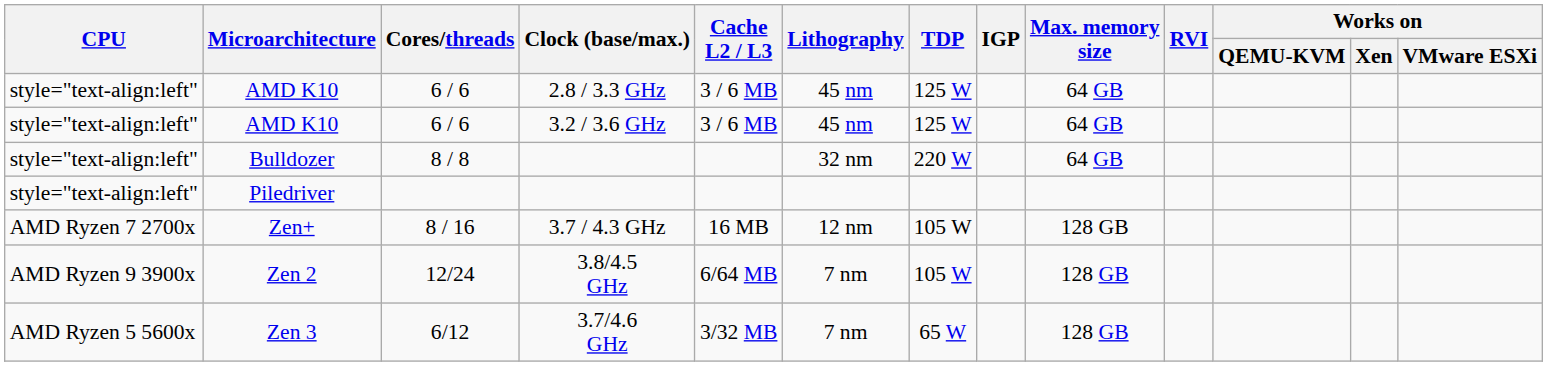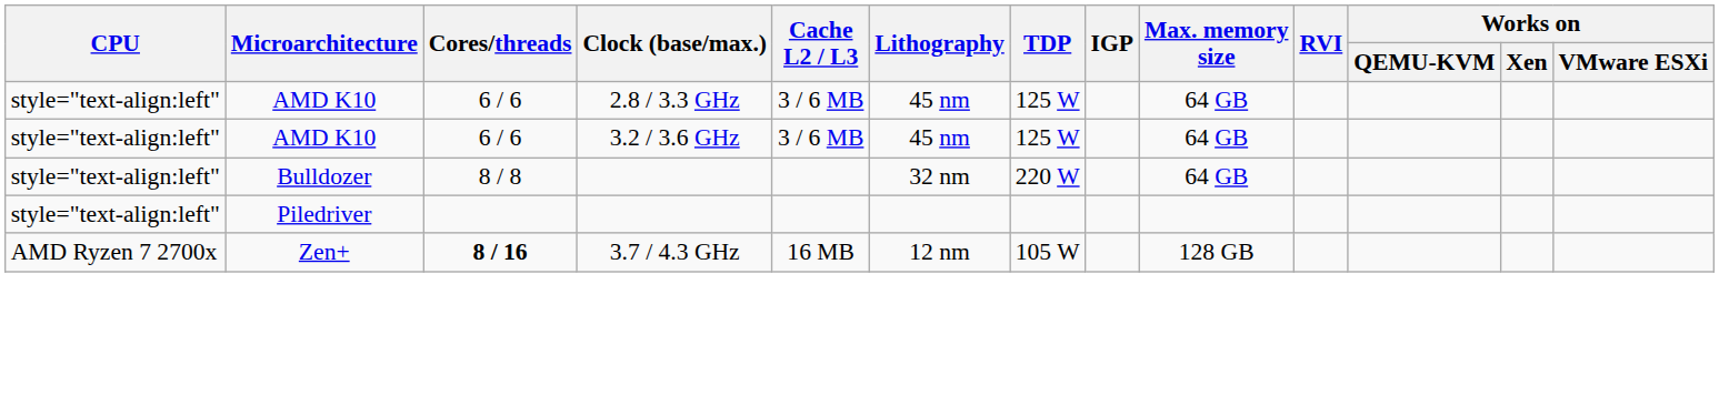 <table class="wikitable" style="text-align: center">
 <tr>
 <th rowspan=2><a href='#'>CPU</a></th>
 <th rowspan=2><a href='#'>Microarchitecture</a></th>
 <th rowspan=2>Cores/<a href='#'>threads</a></th>
 <th rowspan=2>Clock (base/max.)</th>
 <th rowspan=2><a href='#'>Cache<br>L2 / L3</a></th>
 <th rowspan=2><a href='#'>Lithography</a></th>
 <th rowspan=2><a href='#'>TDP</a></th>
 <th rowspan=2>IGP</th>
 <th rowspan=2><a href='#'>Max. memory<br>size</a></th>
 <th rowspan=2><a href='#'>RVI</a></th>
 <th colspan=3 style="text-align:center">Works on</th>
 </tr>
 <tr>
 <th>QEMU-KVM</th>
 <th>Xen</th>
 <th>VMware ESXi</th>
 </tr>
 <tr>
 <td>style="text-align:left" </td>
 <td><a href='#'>AMD K10</a></td>
 <td>6 / 6</td>
 <td>2.8 / 3.3 <a href='#'>GHz</a></td>
 <td>3 / 6 <a href='#'>MB</a></td>
 <td>45 <a href='#'>nm</a></td>
 <td>125 <a href='#'>W</a></td>
 <td></td>
 <td>64 <a href='#'>GB</a></td>
 <td></td>
 <td></td>
 <td></td>
 <td></td>
 </tr>
 <tr>
 <td>style="text-align:left" </td>
 <td><a href='#'>AMD K10</a></td>
 <td>6 / 6</td>
 <td>3.2 / 3.6 <a href='#'>GHz</a></td>
 <td>3 / 6 <a href='#'>MB</a></td>
 <td>45 <a href='#'>nm</a></td>
 <td>125 <a href='#'>W</a></td>
 <td></td>
 <td>64 <a href='#'>GB</a></td>
 <td></td>
 <td></td>
 <td></td>
 <td></td>
 </tr>
 <tr>
 <td>style="text-align:left" </td>
 <td><a href='#'>Bulldozer</a></td>
 <td>8 / 8</td>
 <td></td>
 <td></td>
 <td>32 nm</td>
 <td>220 <a href='#'>W</a></td>
 <td></td>
 <td>64 <a href='#'>GB</a></td>
 <td></td>
 <td></td>
 <td></td>
 <td></td>
 </tr>
 <tr>
 <td>style="text-align:left" </td>
 <td><a href='#'>Piledriver</a></td>
 <td></td>
 <td></td>
 <td></td>
 <td></td>
 <td></td>
 <td></td>
 <td></td>
 <td></td>
 <td></td>
 <td></td>
 <td></td>
 </tr>
 <tr>
 <td style="text-align:left">AMD Ryzen 7 2700x</td>
 <td><a href='#'>Zen+</a></td>
-<td>8 / 16</td>
+<td><strong>8 / 16</strong></td>
 <td>3.7 / 4.3 GHz</td>
 <td>16 MB</td>
 <td>12 nm</td>
 <td>105 W</td>
 <td></td>
 <td>128 GB</td>
 <td></td>
 <td></td>
 <td></td>
 <td></td>
 </tr>
-<tr>
-<td style="text-align:left">AMD Ryzen 9 3900x</td>
-<td><a href='#'>Zen 2</a></td>
-<td>12/24</td>
-<td>3.8/4.5<br><a href='#'>GHz</a></td>
-<td>6/64 <a href='#'>MB</a></td>
-<td>7 nm</td>
-<td>105 <a href='#'>W</a></td>
-<td></td>
-<td>128 <a href='#'>GB</a></td>
-<td></td>
-<td></td>
-<td></td>
-<td></td>
-</tr>
-<tr>
-<td style="text-align:left">AMD Ryzen 5 5600x</td>
-<td><a href='#'>Zen 3</a></td>
-<td>6/12</td>
-<td>3.7/4.6<br><a href='#'>GHz</a></td>
-<td>3/32 <a href='#'>MB</a></td>
-<td>7 nm</td>
-<td>65 <a href='#'>W</a></td>
-<td></td>
-<td>128 <a href='#'>GB</a></td>
-<td></td>
-<td></td>
-<td></td>
-<td></td>
-</tr>
 </table>
